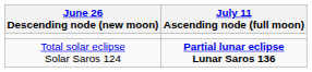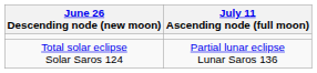 <table class="wikitable">
 <tr>
 <th><a href='#'>June 26</a><br>Descending node (new moon)<br></th>
 <th><a href='#'>July 11</a><br>Ascending node (full moon)<br></th>
 </tr>
 <tr>
 <td></td>
 <td></td>
 </tr>
 <tr align=center>
 <td><a href='#'>Total solar eclipse</a><br>Solar Saros 124</td>
-<td><strong><a href='#'>Partial lunar eclipse</a><br>Lunar Saros 136</strong></td>
+<td><a href='#'>Partial lunar eclipse</a><br>Lunar Saros 136</td>
 </tr>
 </table>
